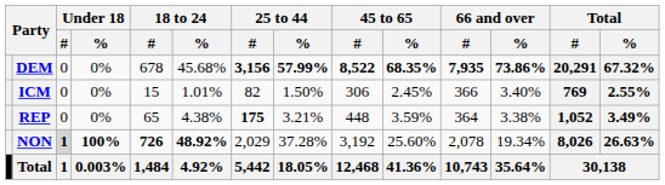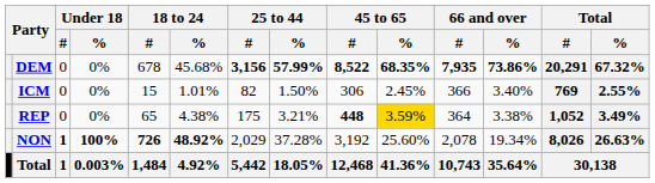 <table class="wikitable plainrowheaders" style="text-align: center;">
 <tr>
 <th rowspan=2 colspan=2>Party</th>
 <th colspan="2">Under 18</th>
 <th colspan="2">18 to 24</th>
 <th colspan="2">25 to 44</th>
 <th colspan="2">45 to 65</th>
 <th colspan="2">66 and over</th>
 <th colspan="2">Total</th>
 </tr>
 <tr>
 <th>#</th>
 <th>%</th>
 <th>#</th>
 <th>%</th>
 <th>#</th>
 <th>%</th>
 <th>#</th>
 <th>%</th>
 <th>#</th>
 <th>%</th>
 <th>#</th>
 <th>%</th>
 </tr>
 <tr>
 <th style="background-color:"></th>
 <th><a href='#'>DEM</a></th>
 <td>0</td>
 <td>0%</td>
 <td>678</td>
 <td>45.68%</td>
 <td><strong>3,156</strong></td>
 <td><strong>57.99%</strong></td>
 <td><strong>8,522</strong></td>
 <td><strong>68.35%</strong></td>
 <td><strong>7,935</strong></td>
 <td><strong>73.86%</strong></td>
 <th>20,291</th>
 <th>67.32%</th>
 </tr>
 <tr>
 <th style="background-color:"></th>
 <th><a href='#'>ICM</a></th>
 <td>0</td>
 <td>0%</td>
 <td>15</td>
 <td>1.01%</td>
 <td>82</td>
 <td>1.50%</td>
 <td>306</td>
 <td>2.45%</td>
 <td>366</td>
 <td>3.40%</td>
 <th>769</th>
 <th>2.55%</th>
 </tr>
 <tr>
 <th style="background-color:"></th>
 <th><a href='#'>REP</a></th>
 <td>0</td>
 <td>0%</td>
 <td>65</td>
 <td>4.38%</td>
-<td><strong>175</strong></td>
+<td>175</td>
 <td>3.21%</td>
-<td>448</td>
-<td>3.59%</td>
+<td><strong>448</strong></td>
+<td style="background: gold;">3.59%</td>
 <td>364</td>
 <td>3.38%</td>
 <th>1,052</th>
 <th>3.49%</th>
 </tr>
 <tr>
 <th style="background-color:"></th>
 <th><a href='#'>NON</a></th>
-<td style="background: lightgrey;"><strong>1</strong></td>
+<td><strong>1</strong></td>
 <td><strong>100%</strong></td>
 <td><strong>726</strong></td>
 <td><strong>48.92%</strong></td>
 <td>2,029</td>
 <td>37.28%</td>
 <td>3,192</td>
 <td>25.60%</td>
 <td>2,078</td>
 <td>19.34%</td>
 <th>8,026</th>
 <th>26.63%</th>
 </tr>
 <tr>
 <th style="background-color:#000000"></th>
 <th>Total</th>
 <th>1</th>
 <th>0.003%</th>
 <th>1,484</th>
 <th>4.92%</th>
 <th>5,442</th>
 <th>18.05%</th>
 <th>12,468</th>
 <th>41.36%</th>
 <th>10,743</th>
 <th>35.64%</th>
 <th colspan="2">30,138</th>
 </tr>
 </table>
